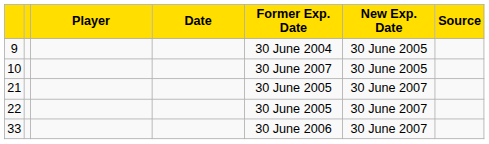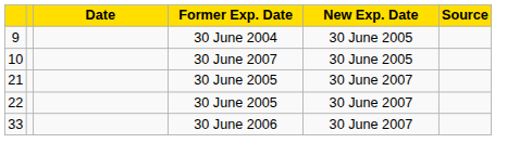 <table class="wikitable sortable">
 <tr>
 <th style="background:#FFDE00"></th>
 <th style="background:#FFDE00"></th>
-<th width=200 style="background:#FFDE00">Player</th>
 <th width=150 style="background:#FFDE00">Date</th>
 <th width=150 style="background:#FFDE00">Former Exp. Date</th>
 <th width=150 style="background:#FFDE00">New Exp. Date</th>
 <th style="background:#FFDE00">Source</th>
 </tr>
 <tr>
 <td align=center>9</td>
 <td align=center></td>
-<td></td>
 <td align=center></td>
 <td align=center>30 June 2004</td>
 <td align=center>30 June 2005</td>
 <td align=center></td>
 </tr>
 <tr>
 <td align=center>10</td>
 <td align=center></td>
-<td></td>
 <td align=center></td>
 <td align=center>30 June 2007</td>
 <td align=center>30 June 2005</td>
 <td align=center></td>
 </tr>
 <tr>
 <td align=center>21</td>
 <td align=center></td>
-<td></td>
 <td align=center></td>
 <td align=center>30 June 2005</td>
 <td align=center>30 June 2007</td>
 <td align=center></td>
 </tr>
 <tr>
 <td align=center>22</td>
 <td align=center></td>
-<td></td>
 <td align=center></td>
 <td align=center>30 June 2005</td>
 <td align=center>30 June 2007</td>
 <td align=center></td>
 </tr>
 <tr>
 <td align=center>33</td>
 <td align=center></td>
-<td></td>
 <td align=center></td>
 <td align=center>30 June 2006</td>
 <td align=center>30 June 2007</td>
 <td align=center></td>
 </tr>
 </table>
